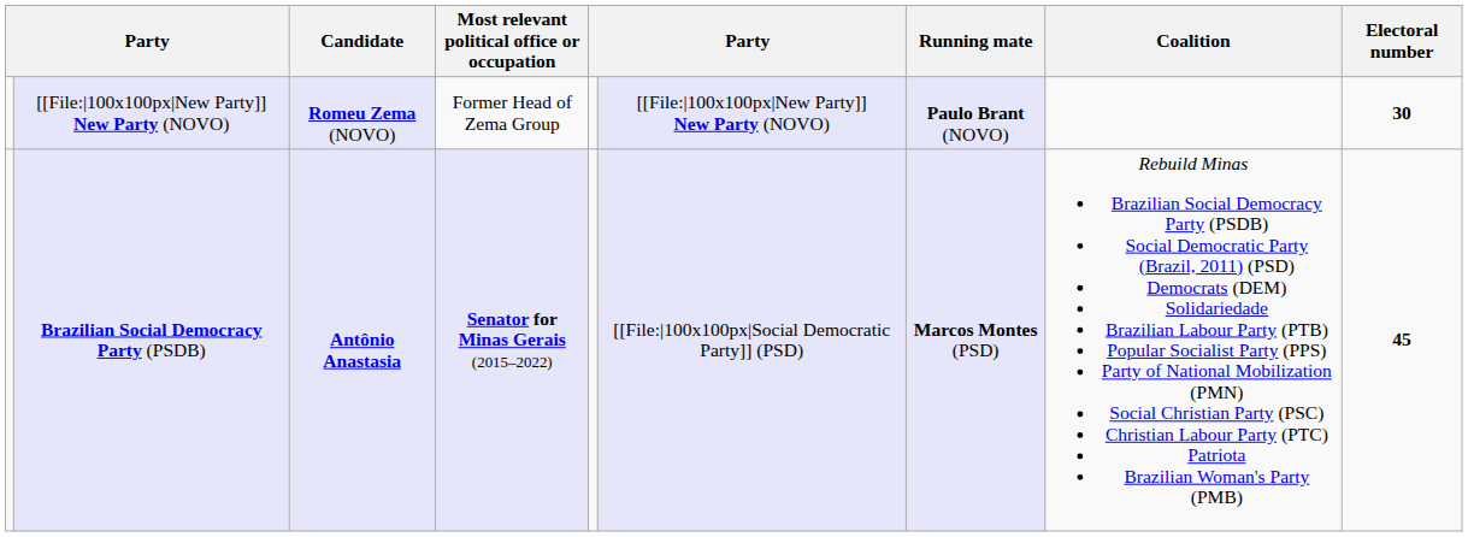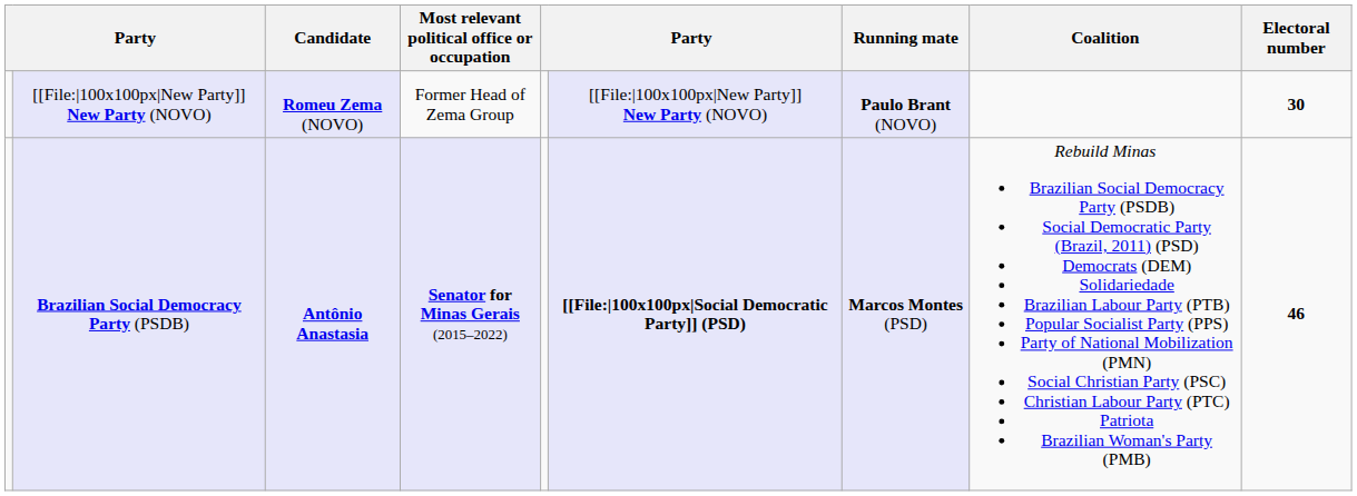 <table class="wikitable" style="text-align:center">
 <tr>
 <th colspan="2">Party</th>
 <th>Candidate</th>
 <th style="max-width:10em">Most relevant political office or occupation</th>
 <th colspan="2">Party</th>
 <th>Running mate</th>
 <th>Coalition</th>
 <th>Electoral number</th>
 </tr>
 <tr>
 <td style="background:"></td>
 <td style="background:lavender;" max-width:150px>[[File:|100x100px|New Party]]<br><strong><a href='#'>New Party</a></strong> (NOVO)</td>
 <td style="background:lavender;" max-width:150px><br><strong><a href='#'>Romeu Zema</a></strong> (NOVO)</td>
 <td style="max-width:10em">Former Head of Zema Group</td>
 <td style="background:"></td>
 <td style="background:lavender;" max-width:150px>[[File:|100x100px|New Party]]<br><strong><a href='#'>New Party</a></strong> (NOVO)</td>
 <td style="background:lavender;" max-width:150px><br><strong>Paulo Brant</strong> (NOVO)</td>
 <td></td>
 <td><strong>30</strong></td>
 </tr>
 <tr>
 <td style="background:"></td>
 <td style="background:lavender;" max-width:150px><strong><a href='#'>Brazilian Social Democracy Party</a></strong> (PSDB)</td>
 <td style="background:lavender;" max-width:150px><br><strong><a href='#'>Antônio Anastasia</a></strong></td>
 <td style="background: lavender; max-width:10em"><strong><a href='#'>Senator</a> for <a href='#'>Minas Gerais</a></strong><br><small>(2015–2022)</small></td>
 <td style="background:"></td>
-<td style="background:lavender;" max-width:150px>[[File:|100x100px|Social Democratic Party]] (PSD)</td>
+<td style="background:lavender;" max-width:150px><strong>[[File:|100x100px|Social Democratic Party]] (PSD)</strong></td>
 <td style="background:lavender;" max-width:150px><strong>Marcos Montes</strong> (PSD)</td>
 <td><em>Rebuild Minas</em><br><ul><li><a href='#'>Brazilian Social Democracy Party</a> (PSDB)</li><li><a href='#'>Social Democratic Party (Brazil, 2011)</a> (PSD)</li><li><a href='#'>Democrats</a> (DEM)</li><li><a href='#'>Solidariedade</a></li><li><a href='#'>Brazilian Labour Party</a> (PTB)</li><li><a href='#'>Popular Socialist Party</a> (PPS)</li><li><a href='#'>Party of National Mobilization</a> (PMN)</li><li><a href='#'>Social Christian Party</a> (PSC)</li><li><a href='#'>Christian Labour Party</a> (PTC)</li><li><a href='#'>Patriota</a></li><li><a href='#'>Brazilian Woman's Party</a> (PMB)</li></ul></td>
-<td><strong>45</strong></td>
+<td><strong>46</strong></td>
 </tr>
 </table>
